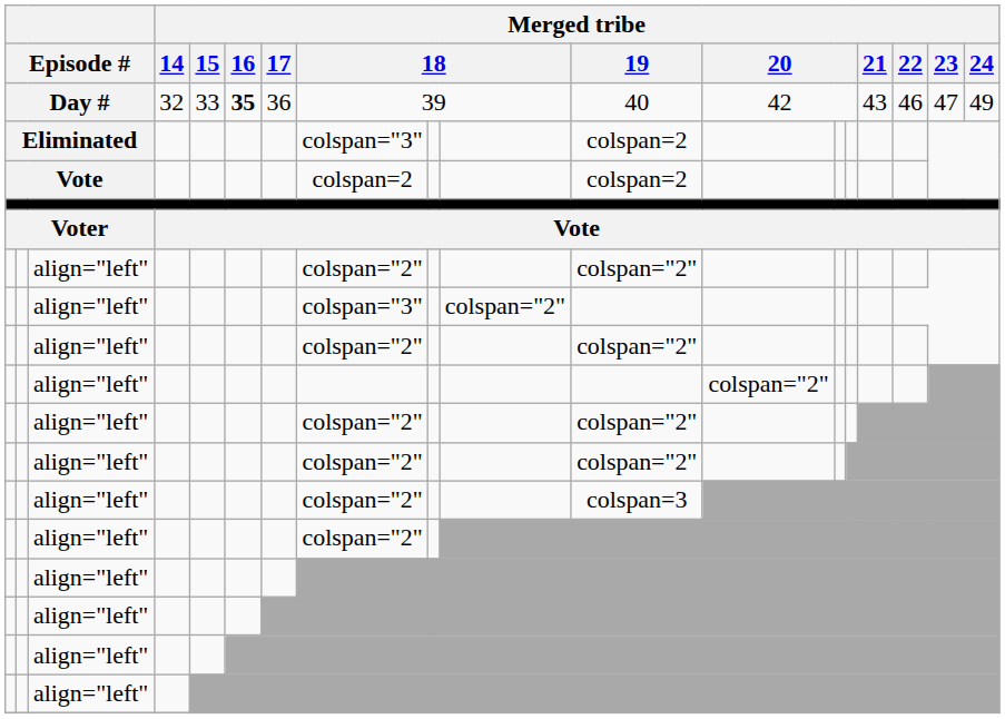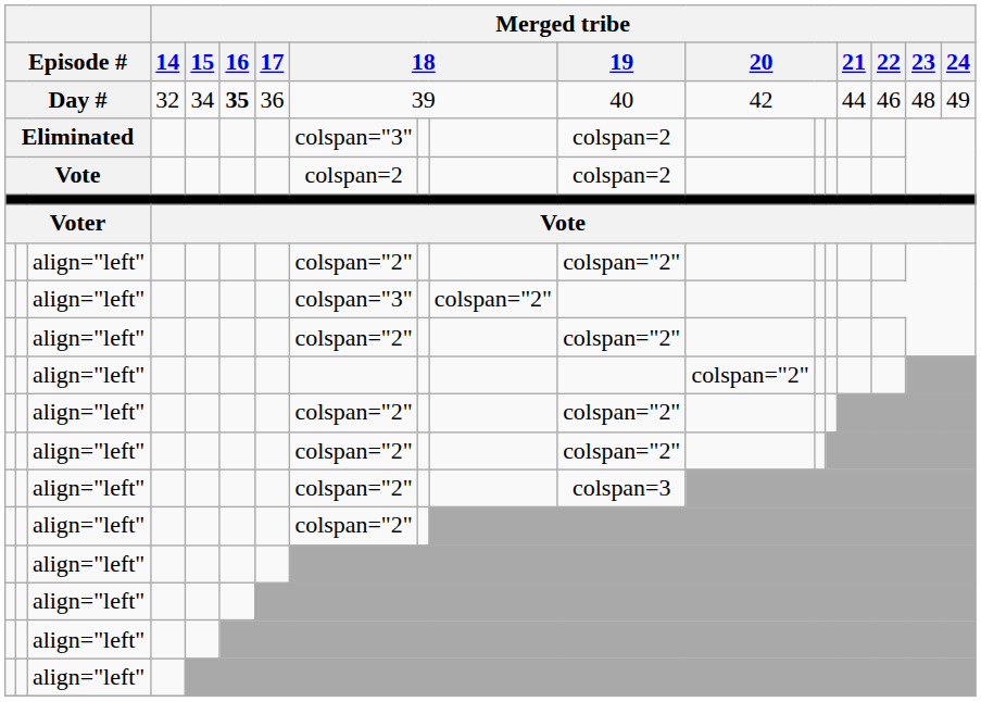 <table class="wikitable nowrap" style="text-align:center;">
 <tr>
 <th colspan="3"></th>
 <th colspan="15">Merged tribe</th>
 </tr>
 <tr>
 <th colspan="3">Episode #</th>
 <th><a href='#'>14</a></th>
 <th><a href='#'>15</a></th>
 <th><a href='#'>16</a></th>
 <th><a href='#'>17</a></th>
 <th colspan=3><a href='#'>18</a></th>
 <th><a href='#'>19</a></th>
 <th colspan=3><a href='#'>20</a></th>
 <th><a href='#'>21</a></th>
 <th><a href='#'>22</a></th>
 <th><a href='#'>23</a></th>
 <th><a href='#'>24</a></th>
 </tr>
 <tr>
 <th colspan="3">Day #</th>
 <td>32</td>
-<td>33</td>
+<td>34</td>
 <td><strong>35</strong></td>
 <td>36</td>
 <td colspan=3>39</td>
 <td>40</td>
 <td colspan=3>42</td>
-<td>43</td>
+<td>44</td>
 <td>46</td>
-<td>47</td>
+<td>48</td>
 <td>49</td>
 </tr>
 <tr>
 <th colspan="3">Eliminated</th>
 <td></td>
 <td></td>
 <td></td>
 <td></td>
 <td>colspan="3" </td>
 <td></td>
 <td></td>
 <td>colspan=2 </td>
 <td></td>
 <td></td>
 <td></td>
 <td></td>
 <td></td>
 </tr>
 <tr>
 <th colspan="3">Vote</th>
 <td></td>
 <td></td>
 <td></td>
 <td></td>
 <td>colspan=2 </td>
 <td></td>
 <td></td>
 <td>colspan=2 </td>
 <td></td>
 <td></td>
 <td></td>
 <td></td>
 <td></td>
 </tr>
 <tr>
 <td colspan="18" bgcolor="black"></td>
 </tr>
 <tr>
 <th colspan="3">Voter</th>
 <th colspan="15" align="center">Vote</th>
 </tr>
 <tr>
 <td></td>
 <td></td>
 <td>align="left" </td>
 <td></td>
 <td></td>
 <td></td>
 <td></td>
 <td>colspan="2" </td>
 <td></td>
 <td></td>
 <td>colspan="2" </td>
 <td></td>
 <td></td>
 <td></td>
 <td></td>
 <td></td>
 </tr>
 <tr>
 <td></td>
 <td></td>
 <td>align="left" </td>
 <td></td>
 <td></td>
 <td></td>
 <td></td>
 <td>colspan="3" </td>
 <td></td>
 <td>colspan="2" </td>
 <td></td>
 <td></td>
 <td></td>
 <td></td>
 <td></td>
 </tr>
 <tr>
 <td></td>
 <td></td>
 <td>align="left" </td>
 <td></td>
 <td></td>
 <td></td>
 <td></td>
 <td>colspan="2" </td>
 <td></td>
 <td></td>
 <td>colspan="2" </td>
 <td></td>
 <td></td>
 <td></td>
 <td></td>
 <td></td>
 </tr>
 <tr>
 <td></td>
 <td></td>
 <td>align="left" </td>
 <td></td>
 <td></td>
 <td></td>
 <td></td>
 <td></td>
 <td></td>
 <td></td>
 <td></td>
 <td>colspan="2" </td>
 <td></td>
 <td></td>
 <td></td>
 <td></td>
 <td colspan="13" bgcolor="darkgrey"></td>
 </tr>
 <tr>
 <td></td>
 <td></td>
 <td>align="left" </td>
 <td></td>
 <td></td>
 <td></td>
 <td></td>
 <td>colspan="2" </td>
 <td></td>
 <td></td>
 <td>colspan="2" </td>
 <td></td>
 <td></td>
 <td></td>
 <td colspan="12" bgcolor="darkgrey"></td>
 </tr>
 <tr>
 <td></td>
 <td></td>
 <td>align="left" </td>
 <td></td>
 <td></td>
 <td></td>
 <td></td>
 <td>colspan="2" </td>
 <td></td>
 <td></td>
 <td>colspan="2" </td>
 <td></td>
 <td></td>
 <td colspan="12" bgcolor="darkgrey"></td>
 </tr>
 <tr>
 <td></td>
 <td></td>
 <td>align="left" </td>
 <td></td>
 <td></td>
 <td></td>
 <td></td>
 <td>colspan="2" </td>
 <td></td>
 <td></td>
 <td>colspan=3 </td>
 <td colspan="12" bgcolor="darkgrey"></td>
 </tr>
 <tr>
 <td></td>
 <td></td>
 <td>align="left" </td>
 <td></td>
 <td></td>
 <td></td>
 <td></td>
 <td>colspan="2" </td>
 <td></td>
 <td colspan="12" bgcolor="darkgrey"></td>
 </tr>
 <tr>
 <td></td>
 <td></td>
 <td>align="left" </td>
 <td></td>
 <td></td>
 <td></td>
 <td></td>
 <td colspan="12" bgcolor="darkgrey"></td>
 </tr>
 <tr>
 <td></td>
 <td></td>
 <td>align="left" </td>
 <td></td>
 <td></td>
 <td></td>
 <td colspan="12" bgcolor="darkgrey"></td>
 </tr>
 <tr>
 <td></td>
 <td></td>
 <td>align="left" </td>
 <td></td>
 <td></td>
 <td colspan="13" bgcolor="darkgrey"></td>
 </tr>
 <tr>
 <td></td>
 <td></td>
 <td>align="left" </td>
 <td></td>
 <td colspan="14" bgcolor="darkgrey"></td>
 </tr>
 <tr>
 </tr>
 </table>
